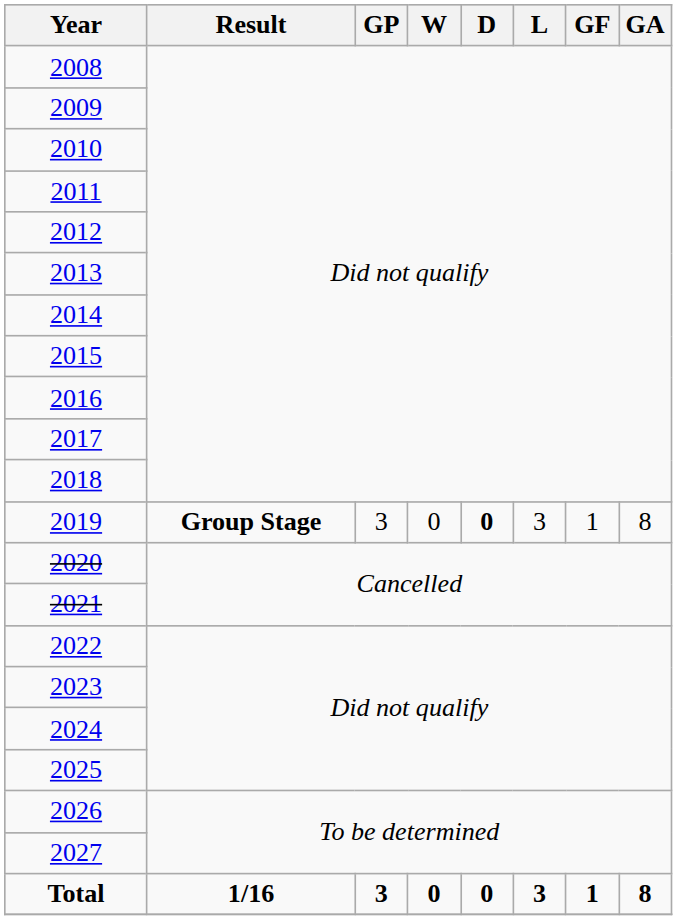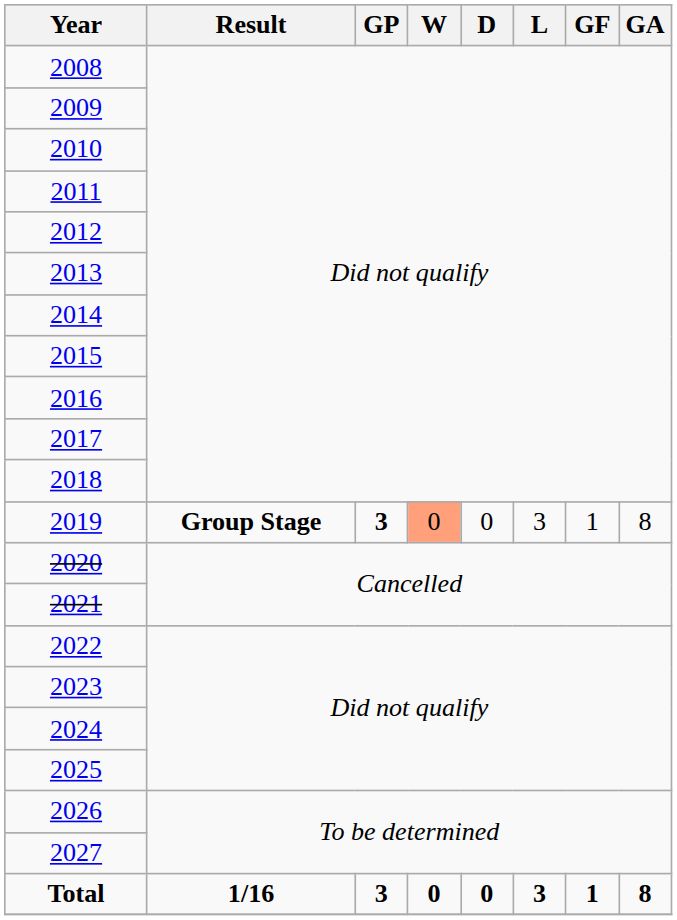 <table class="wikitable" style="text-align: center;">
 <tr>
 <th width=80>Year</th>
 <th width=120>Result</th>
 <th width=25>GP</th>
 <th width=25>W</th>
 <th width=25>D</th>
 <th width=25>L</th>
 <th width=25>GF</th>
 <th width=25>GA</th>
 </tr>
 <tr>
 <td> <a href='#'>2008</a></td>
 <td colspan=8 rowspan=11><em>Did not qualify</em></td>
 </tr>
 <tr>
 <td> <a href='#'>2009</a></td>
 </tr>
 <tr>
 <td> <a href='#'>2010</a></td>
 </tr>
 <tr>
 <td> <a href='#'>2011</a></td>
 </tr>
 <tr>
 <td> <a href='#'>2012</a></td>
 </tr>
 <tr>
 <td> <a href='#'>2013</a></td>
 </tr>
 <tr>
 <td> <a href='#'>2014</a></td>
 </tr>
 <tr>
 <td> <a href='#'>2015</a></td>
 </tr>
 <tr>
 <td> <a href='#'>2016</a></td>
 </tr>
 <tr>
 <td> <a href='#'>2017</a></td>
 </tr>
 <tr>
 <td> <a href='#'>2018</a></td>
 </tr>
 <tr>
 <td> <a href='#'>2019</a></td>
 <td><strong>Group Stage</strong></td>
-<td>3</td>
+<td><strong>3</strong></td>
+<td style="background: lightsalmon;">0</td>
 <td>0</td>
-<td><strong>0</strong></td>
 <td>3</td>
 <td>1</td>
 <td>8</td>
 </tr>
 <tr>
 <td> <s><a href='#'>2020</a></s></td>
 <td colspan=8 rowspan=2><em>Cancelled</em></td>
 </tr>
 <tr>
 <td> <s><a href='#'>2021</a></s></td>
 </tr>
 <tr>
 <td> <a href='#'>2022</a></td>
 <td colspan=8 rowspan=4><em>Did not qualify</em></td>
 </tr>
 <tr>
 <td> <a href='#'>2023</a></td>
 </tr>
 <tr>
 <td> <a href='#'>2024</a></td>
 </tr>
 <tr>
 <td> <a href='#'>2025</a></td>
 </tr>
 <tr>
 <td> <a href='#'>2026</a></td>
 <td colspan=8 rowspan=2><em>To be determined</em></td>
 </tr>
 <tr>
 <td> <a href='#'>2027</a></td>
 </tr>
 <tr>
 <td><strong>Total</strong></td>
 <td><strong>1/16</strong></td>
 <td><strong>3</strong></td>
 <td><strong>0</strong></td>
 <td><strong>0</strong></td>
 <td><strong>3</strong></td>
 <td><strong>1</strong></td>
 <td><strong>8</strong></td>
 </tr>
 <tr>
 </tr>
 </table>
